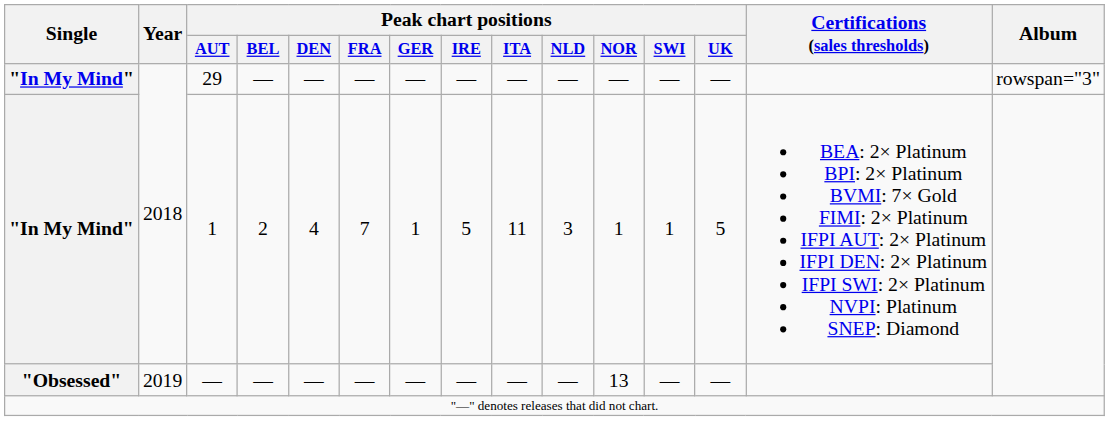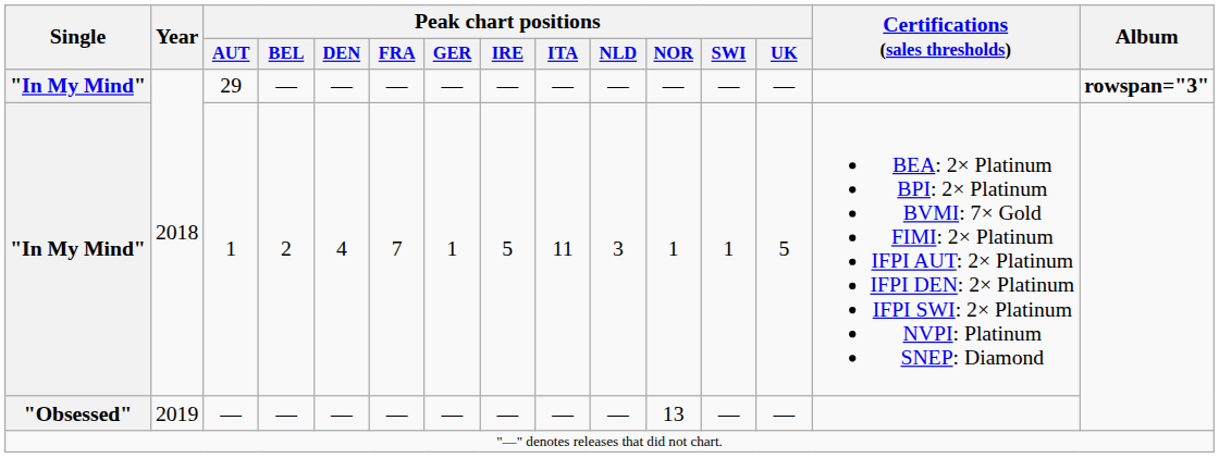 <table class="wikitable plainrowheaders" style="text-align:center;">
 <tr>
 <th rowspan="2">Single</th>
 <th rowspan="2">Year</th>
 <th colspan="11">Peak chart positions</th>
 <th rowspan="2"><a href='#'>Certifications</a><br><small>(<a href='#'>sales thresholds</a>)</small></th>
 <th rowspan="2">Album</th>
 </tr>
 <tr style="font-size:smaller;">
 <th style="width:35px;"><a href='#'>AUT</a><br></th>
 <th style="width:35px;"><a href='#'>BEL</a><br></th>
 <th style="width:35px;"><a href='#'>DEN</a><br></th>
 <th style="width:35px;"><a href='#'>FRA</a><br></th>
 <th style="width:35px;"><a href='#'>GER</a><br></th>
 <th style="width:35px;"><a href='#'>IRE</a><br></th>
 <th style="width:35px;"><a href='#'>ITA</a><br></th>
 <th style="width:35px;"><a href='#'>NLD</a><br></th>
 <th style="width:35px;"><a href='#'>NOR</a><br></th>
 <th style="width:35px;"><a href='#'>SWI</a><br></th>
 <th style="width:35px;"><a href='#'>UK</a><br></th>
 </tr>
 <tr>
 <th scope="row">"<a href='#'>In My Mind</a>"</th>
 <td rowspan="2">2018</td>
 <td>29</td>
 <td>—</td>
 <td>—</td>
 <td>—</td>
 <td>—</td>
 <td>—</td>
 <td>—</td>
 <td>—</td>
 <td>—</td>
 <td>—</td>
 <td>—</td>
 <td></td>
-<td>rowspan="3" </td>
+<td><strong>rowspan="3" </strong></td>
 </tr>
 <tr>
 <th scope="row">"In My Mind" <br></th>
 <td>1</td>
 <td>2</td>
 <td>4</td>
 <td>7</td>
 <td>1</td>
 <td>5</td>
 <td>11</td>
 <td>3</td>
 <td>1</td>
 <td>1</td>
 <td>5</td>
 <td><br><ul><li><a href='#'>BEA</a>: 2× Platinum</li><li><a href='#'>BPI</a>: 2× Platinum</li><li><a href='#'>BVMI</a>: 7× Gold</li><li><a href='#'>FIMI</a>: 2× Platinum</li><li><a href='#'>IFPI AUT</a>: 2× Platinum</li><li><a href='#'>IFPI DEN</a>: 2× Platinum</li><li><a href='#'>IFPI SWI</a>: 2× Platinum</li><li><a href='#'>NVPI</a>: Platinum</li><li><a href='#'>SNEP</a>: Diamond</li></ul></td>
 </tr>
 <tr>
 <th scope="row">"Obsessed"<br></th>
 <td>2019</td>
 <td>—</td>
 <td>—</td>
 <td>—</td>
 <td>—</td>
 <td>—</td>
 <td>—</td>
 <td>—</td>
 <td>—</td>
 <td>13</td>
 <td>—</td>
 <td>—</td>
 <td></td>
 </tr>
 <tr>
 <td colspan="15" style="font-size:8pt">"—" denotes releases that did not chart.</td>
 </tr>
 </table>
